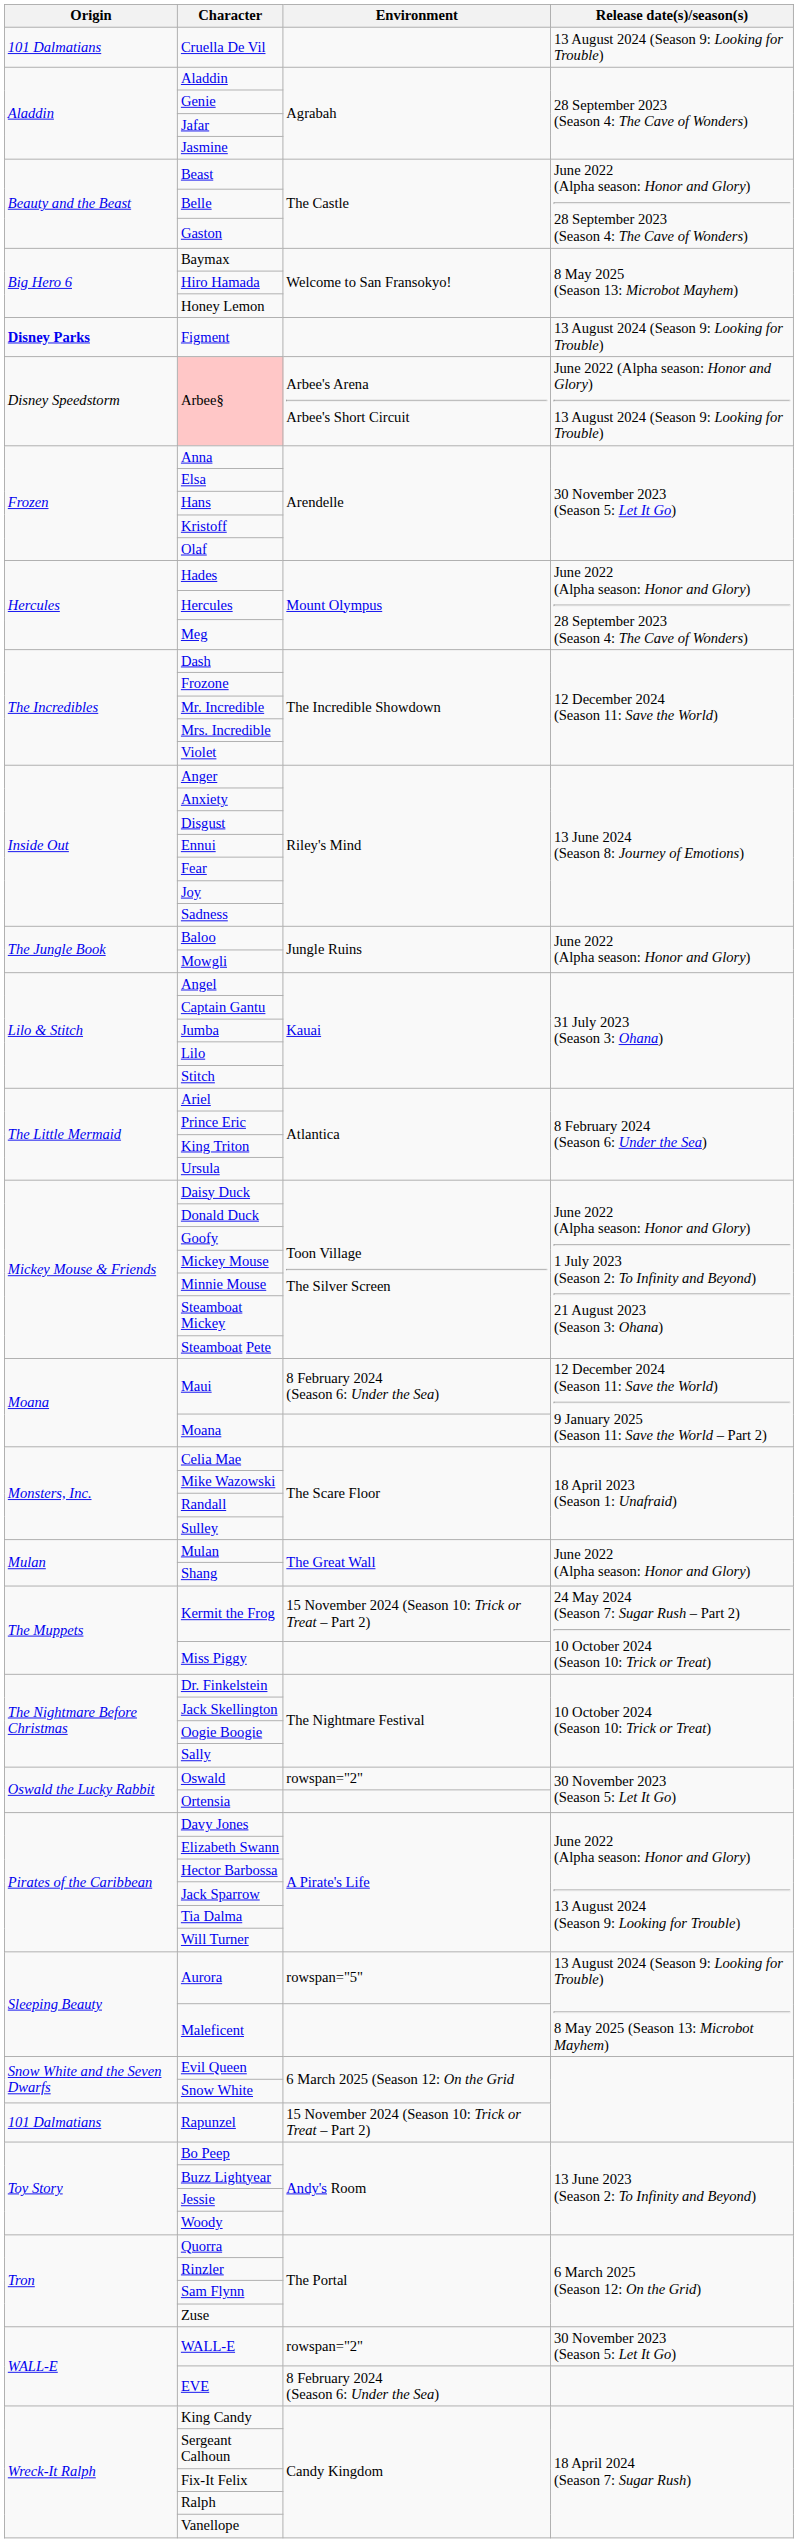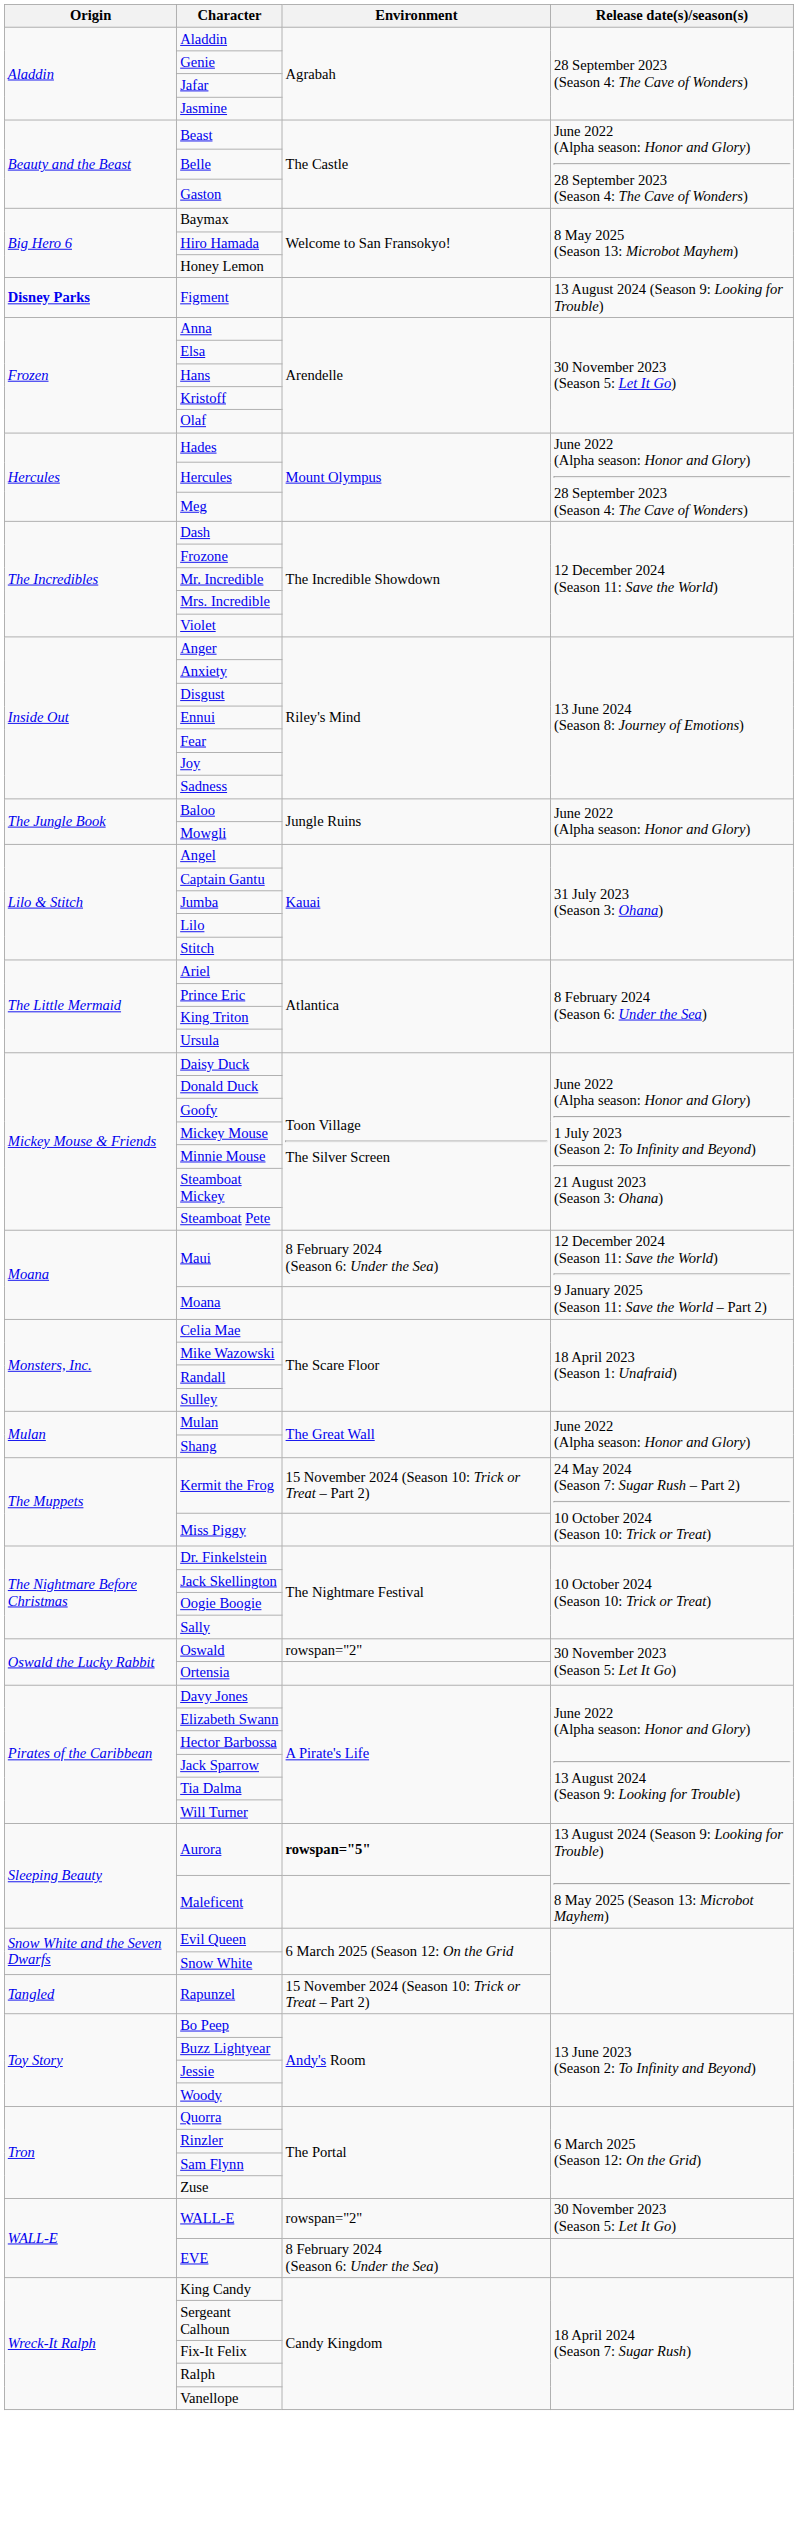 <table class="wikitable sortable">
 <tr>
 <th>Origin</th>
 <th>Character</th>
 <th class="unsortable">Environment</th>
 <th>Release date(s)/season(s)</th>
-</tr>
-<tr>
-<td><em><a href='#'>101 Dalmatians</a></em></td>
-<td><a href='#'>Cruella De Vil</a></td>
-<td></td>
-<td>13 August 2024 (Season 9: <em>Looking for Trouble</em>)</td>
 </tr>
 <tr>
 <td rowspan="4"><em><a href='#'>Aladdin</a></em></td>
 <td><a href='#'>Aladdin</a></td>
 <td rowspan="4">Agrabah</td>
 <td rowspan="4">28 September 2023<br>(Season 4: <em>The Cave of Wonders</em>)</td>
 </tr>
 <tr>
 <td><a href='#'>Genie</a></td>
 </tr>
 <tr>
 <td><a href='#'>Jafar</a></td>
 </tr>
 <tr>
 <td><a href='#'>Jasmine</a></td>
 </tr>
 <tr>
 <td rowspan="3"><em><a href='#'>Beauty and the Beast</a></em></td>
 <td><a href='#'>Beast</a></td>
 <td rowspan="3">The Castle</td>
 <td rowspan="3">June 2022<br>(Alpha season: <em>Honor and Glory</em>)<br><hr>28 September 2023<br>(Season 4: <em>The Cave of Wonders</em>)<br></td>
 </tr>
 <tr>
 <td><a href='#'>Belle</a></td>
 </tr>
 <tr>
 <td><a href='#'>Gaston</a></td>
 </tr>
 <tr>
 <td rowspan="3"><em><a href='#'>Big Hero 6</a></em></td>
 <td>Baymax</td>
 <td rowspan="3">Welcome to San Fransokyo!</td>
 <td rowspan="3">8 May 2025<br>(Season 13: <em>Microbot Mayhem</em>)</td>
 </tr>
 <tr>
 <td><a href='#'>Hiro Hamada</a></td>
 </tr>
 <tr>
 <td>Honey Lemon</td>
 </tr>
 <tr>
 <td><strong><a href='#'>Disney Parks</a></strong></td>
 <td><a href='#'>Figment</a></td>
 <td></td>
 <td>13 August 2024 (Season 9: <em>Looking for Trouble</em>)</td>
-</tr>
-<tr>
-<td><em>Disney Speedstorm</em></td>
-<td style="background:#FFC7C7">Arbee§</td>
-<td>Arbee's Arena<hr>Arbee's Short Circuit</td>
-<td>June 2022 (Alpha season: <em>Honor and Glory</em>)<br><hr>13 August 2024 (Season 9: <em>Looking for Trouble</em>)<br></td>
 </tr>
 <tr>
 <td rowspan="5"><em><a href='#'>Frozen</a></em></td>
 <td><a href='#'>Anna</a></td>
 <td rowspan="5">Arendelle</td>
 <td rowspan="5">30 November 2023<br>(Season 5: <em><a href='#'>Let It Go</a></em>)</td>
 </tr>
 <tr>
 <td><a href='#'>Elsa</a></td>
 </tr>
 <tr>
 <td><a href='#'>Hans</a></td>
 </tr>
 <tr>
 <td><a href='#'>Kristoff</a></td>
 </tr>
 <tr>
 <td><a href='#'>Olaf</a></td>
 </tr>
 <tr>
 <td rowspan="3"><em><a href='#'>Hercules</a></em></td>
 <td><a href='#'>Hades</a></td>
 <td rowspan="3"><a href='#'>Mount Olympus</a></td>
 <td rowspan="3">June 2022<br>(Alpha season: <em>Honor and Glory</em>)<br><hr>28 September 2023<br>(Season 4: <em>The Cave of Wonders</em>)<br></td>
 </tr>
 <tr>
 <td><a href='#'>Hercules</a></td>
 </tr>
 <tr>
 <td><a href='#'>Meg</a></td>
 </tr>
 <tr>
 <td rowspan="5"><em><a href='#'>The Incredibles</a></em></td>
 <td><a href='#'>Dash</a></td>
 <td rowspan="5">The Incredible Showdown</td>
 <td rowspan="5">12 December 2024<br>(Season 11: <em>Save the World</em>)</td>
 </tr>
 <tr>
 <td><a href='#'>Frozone</a></td>
 </tr>
 <tr>
 <td><a href='#'>Mr. Incredible</a></td>
 </tr>
 <tr>
 <td><a href='#'>Mrs. Incredible</a></td>
 </tr>
 <tr>
 <td><a href='#'>Violet</a></td>
 </tr>
 <tr>
 <td rowspan="7"><em><a href='#'>Inside Out</a></em></td>
 <td><a href='#'>Anger</a></td>
 <td rowspan="7">Riley's Mind</td>
 <td rowspan="7">13 June 2024<br>(Season 8: <em>Journey of Emotions</em>)</td>
 </tr>
 <tr>
 <td><a href='#'>Anxiety</a></td>
 </tr>
 <tr>
 <td><a href='#'>Disgust</a></td>
 </tr>
 <tr>
 <td><a href='#'>Ennui</a></td>
 </tr>
 <tr>
 <td><a href='#'>Fear</a></td>
 </tr>
 <tr>
 <td><a href='#'>Joy</a></td>
 </tr>
 <tr>
 <td><a href='#'>Sadness</a></td>
 </tr>
 <tr>
 <td data-sort-value="Jungle Book, The" rowspan="2"><em><a href='#'>The Jungle Book</a></em></td>
 <td><a href='#'>Baloo</a></td>
 <td rowspan="2">Jungle Ruins</td>
 <td rowspan="2">June 2022<br>(Alpha season: <em>Honor and Glory</em>)</td>
 </tr>
 <tr>
 <td><a href='#'>Mowgli</a></td>
 </tr>
 <tr>
 <td rowspan="5"><em><a href='#'>Lilo & Stitch</a></em></td>
 <td><a href='#'>Angel</a></td>
 <td rowspan="5"><a href='#'>Kauai</a></td>
 <td rowspan="5">31 July 2023<br>(Season 3: <em><a href='#'>Ohana</a></em>)</td>
 </tr>
 <tr>
 <td data-sort-value="Gantu, Captain"><a href='#'>Captain Gantu</a></td>
 </tr>
 <tr>
 <td><a href='#'>Jumba</a></td>
 </tr>
 <tr>
 <td><a href='#'>Lilo</a></td>
 </tr>
 <tr>
 <td><a href='#'>Stitch</a></td>
 </tr>
 <tr>
 <td data-sort-value="Little Mermaid, The" rowspan="4"><em><a href='#'>The Little Mermaid</a></em></td>
 <td><a href='#'>Ariel</a></td>
 <td rowspan="4">Atlantica</td>
 <td rowspan="4">8 February 2024<br>(Season 6: <em><a href='#'>Under the Sea</a></em>)</td>
 </tr>
 <tr>
 <td data-sort-value="Eric, Prince"><a href='#'>Prince Eric</a></td>
 </tr>
 <tr>
 <td data-sort-value="Triton, King"><a href='#'>King Triton</a></td>
 </tr>
 <tr>
 <td><a href='#'>Ursula</a></td>
 </tr>
 <tr>
 <td rowspan="7"><em><a href='#'>Mickey Mouse & Friends</a></em></td>
 <td><a href='#'>Daisy Duck</a></td>
 <td rowspan="7">Toon Village<hr>The Silver Screen</td>
 <td rowspan="7">June 2022<br>(Alpha season: <em>Honor and Glory</em>)<br><hr>1 July 2023<br>(Season 2: <em>To Infinity and Beyond</em>)<br><hr>21 August 2023<br>(Season 3: <em>Ohana</em>)<br></td>
 </tr>
 <tr>
 <td><a href='#'>Donald Duck</a></td>
 </tr>
 <tr>
 <td><a href='#'>Goofy</a></td>
 </tr>
 <tr>
 <td><a href='#'>Mickey Mouse</a></td>
 </tr>
 <tr>
 <td><a href='#'>Minnie Mouse</a></td>
 </tr>
 <tr>
 <td data-sort-value="Mickey Mouse, Steamboat"><a href='#'>Steamboat Mickey</a></td>
 </tr>
 <tr>
 <td data-sort-value="Pete, Steamboat"><a href='#'>Steamboat</a> <a href='#'>Pete</a></td>
 </tr>
 <tr>
 <td rowspan="2"><em><a href='#'>Moana</a></em></td>
 <td><a href='#'>Maui</a></td>
 <td>8 February 2024<br>(Season 6: <em>Under the Sea</em>)</td>
 <td rowspan="2">12 December 2024<br>(Season 11: <em>Save the World</em>)<hr>9 January 2025<br>(Season 11: <em>Save the World</em> – Part 2)</td>
 </tr>
 <tr>
 <td><a href='#'>Moana</a></td>
 </tr>
 <tr>
 <td rowspan="4"><em><a href='#'>Monsters, Inc.</a></em></td>
 <td><a href='#'>Celia Mae</a></td>
 <td rowspan="4">The Scare Floor</td>
 <td rowspan="4">18 April 2023<br>(Season 1: <em>Unafraid</em>)</td>
 </tr>
 <tr>
 <td><a href='#'>Mike Wazowski</a></td>
 </tr>
 <tr>
 <td><a href='#'>Randall</a></td>
 </tr>
 <tr>
 <td><a href='#'>Sulley</a></td>
 </tr>
 <tr>
 <td rowspan="2"><em><a href='#'>Mulan</a></em></td>
 <td data-sort-value="Mulan Fa"><a href='#'>Mulan</a></td>
 <td rowspan="2"><a href='#'>The Great Wall</a></td>
 <td rowspan="2">June 2022<br>(Alpha season: <em>Honor and Glory</em>)</td>
 </tr>
 <tr>
 <td data-sort-value="Shang Li"><a href='#'>Shang</a></td>
 </tr>
 <tr>
 <td data-sort-value="Muppets, The" rowspan="2"><em><a href='#'>The Muppets</a></em></td>
 <td><a href='#'>Kermit the Frog</a></td>
 <td>15 November 2024 (Season 10: <em>Trick or Treat</em> – Part 2)</td>
 <td rowspan="2">24 May 2024<br>(Season 7: <em>Sugar Rush</em> – Part 2)<hr>10 October 2024<br>(Season 10: <em>Trick or Treat</em>)</td>
 </tr>
 <tr>
 <td><a href='#'>Miss Piggy</a></td>
 </tr>
 <tr>
 <td data-sort-value="Nightmare Before Christmas, The" rowspan="4"><em><a href='#'>The Nightmare Before Christmas</a></em></td>
 <td><a href='#'>Dr. Finkelstein</a></td>
 <td rowspan="4">The Nightmare Festival</td>
 <td rowspan="4">10 October 2024<br>(Season 10: <em>Trick or Treat</em>)</td>
 </tr>
 <tr>
 <td><a href='#'>Jack Skellington</a></td>
 </tr>
 <tr>
 <td><a href='#'>Oogie Boogie</a></td>
 </tr>
 <tr>
 <td><a href='#'>Sally</a></td>
 </tr>
 <tr>
 <td rowspan="2"><em><a href='#'>Oswald the Lucky Rabbit</a></em></td>
 <td><a href='#'>Oswald</a></td>
 <td>rowspan="2" </td>
 <td rowspan="2">30 November 2023<br>(Season 5: <em>Let It Go</em>)</td>
 </tr>
 <tr>
 <td><a href='#'>Ortensia</a></td>
 </tr>
 <tr>
 <td rowspan="6"><em><a href='#'>Pirates of the Caribbean</a></em></td>
 <td><a href='#'>Davy Jones</a></td>
 <td rowspan="6"><a href='#'>A Pirate's Life</a></td>
 <td rowspan="6">June 2022<br>(Alpha season: <em>Honor and Glory</em>)<br><br><hr> 13 August 2024<br>(Season 9: <em>Looking for Trouble</em>)<br></td>
 </tr>
 <tr>
 <td><a href='#'>Elizabeth Swann</a></td>
 </tr>
 <tr>
 <td><a href='#'>Hector Barbossa</a></td>
 </tr>
 <tr>
 <td><a href='#'>Jack Sparrow</a></td>
 </tr>
 <tr>
 <td><a href='#'>Tia Dalma</a></td>
 </tr>
 <tr>
 <td><a href='#'>Will Turner</a></td>
 </tr>
 <tr>
 <td rowspan="2"><em><a href='#'>Sleeping Beauty</a></em></td>
 <td><a href='#'>Aurora</a></td>
-<td>rowspan="5" </td>
+<td><strong>rowspan="5" </strong></td>
 <td rowspan="2">13 August 2024 (Season 9: <em>Looking for Trouble</em>)<br><br><hr> 8 May 2025 (Season 13: <em>Microbot Mayhem</em>)<br></td>
 </tr>
 <tr>
 <td><a href='#'>Maleficent</a></td>
 </tr>
 <tr>
 <td rowspan="2"><em><a href='#'>Snow White and the Seven Dwarfs</a></em></td>
 <td><a href='#'>Evil Queen</a></td>
 <td rowspan="2">6 March 2025 (Season 12: <em>On the Grid</em></td>
 </tr>
 <tr>
 <td><a href='#'>Snow White</a></td>
 </tr>
 <tr>
-<td><em><a href='#'>101 Dalmatians</a></em></td>
+<td><em><a href='#'>Tangled</a></em></td>
 <td><a href='#'>Rapunzel</a></td>
 <td>15 November 2024 (Season 10: <em>Trick or Treat</em> – Part 2)</td>
 </tr>
 <tr>
 <td rowspan="4"><em><a href='#'>Toy Story</a></em></td>
 <td><a href='#'>Bo Peep</a></td>
 <td rowspan="4"><a href='#'>Andy's</a> Room</td>
 <td rowspan="4">13 June 2023<br>(Season 2: <em>To Infinity and Beyond</em>)</td>
 </tr>
 <tr>
 <td><a href='#'>Buzz Lightyear</a></td>
 </tr>
 <tr>
 <td><a href='#'>Jessie</a></td>
 </tr>
 <tr>
 <td><a href='#'>Woody</a></td>
 </tr>
 <tr>
 <td rowspan="4"><em><a href='#'>Tron</a></em></td>
 <td><a href='#'>Quorra</a></td>
 <td rowspan="4">The Portal</td>
 <td rowspan="4">6 March 2025<br>(Season 12: <em>On the Grid</em>)</td>
 </tr>
 <tr>
 <td><a href='#'>Rinzler</a></td>
 </tr>
 <tr>
 <td><a href='#'>Sam Flynn</a></td>
 </tr>
 <tr>
 <td>Zuse</td>
 </tr>
 <tr>
 <td rowspan="2"><em><a href='#'>WALL-E</a></em></td>
 <td><a href='#'>WALL-E</a></td>
 <td>rowspan="2" </td>
 <td>30 November 2023<br>(Season 5: <em>Let It Go</em>)</td>
 </tr>
 <tr>
 <td><a href='#'>EVE</a></td>
 <td>8 February 2024<br>(Season 6: <em>Under the Sea</em>)</td>
 </tr>
 <tr>
 <td rowspan="5"><em><a href='#'>Wreck-It Ralph</a></em></td>
 <td>King Candy</td>
 <td rowspan="5">Candy Kingdom</td>
 <td rowspan="5">18 April 2024<br>(Season 7: <em>Sugar Rush</em>)</td>
 </tr>
 <tr>
 <td>Sergeant Calhoun</td>
 </tr>
 <tr>
 <td>Fix-It Felix</td>
 </tr>
 <tr>
 <td>Ralph</td>
 </tr>
 <tr>
 <td>Vanellope</td>
 </tr>
 </table>
